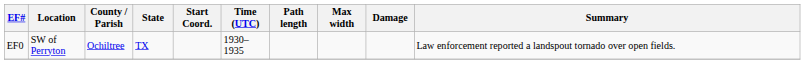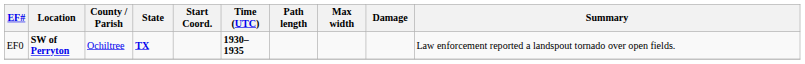 <table class="wikitable sortable" style="width:100%;">
 <tr>
 <th scope="col" width="3%" align="center"><a href='#'>EF#</a></th>
 <th scope="col" width="7%" align="center" class="unsortable">Location</th>
 <th scope="col" width="6%" align="center" class="unsortable">County / Parish</th>
 <th scope="col" width="5%" align="center">State</th>
 <th scope="col" width="6%" align="center">Start Coord.</th>
 <th scope="col" width="6%" align="center">Time (<a href='#'>UTC</a>)</th>
 <th scope="col" width="6%" align="center">Path length</th>
 <th scope="col" width="6%" align="center">Max width</th>
 <th scope="col" width="6%" align="center">Damage</th>
 <th scope="col" width="48%" class="unsortable" align="center">Summary</th>
 </tr>
 <tr>
 <td>EF0</td>
-<td>SW of <a href='#'>Perryton</a></td>
+<td><strong>SW of <a href='#'>Perryton</a></strong></td>
 <td><a href='#'>Ochiltree</a></td>
-<td><a href='#'>TX</a></td>
+<td><strong><a href='#'>TX</a></strong></td>
 <td></td>
-<td>1930–1935</td>
+<td><strong>1930–1935</strong></td>
 <td></td>
 <td></td>
 <td></td>
 <td>Law enforcement reported a landspout tornado over open fields.</td>
 </tr>
 <tr>
 </tr>
 </table>
